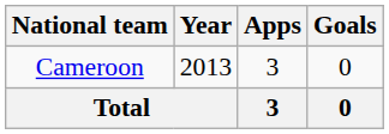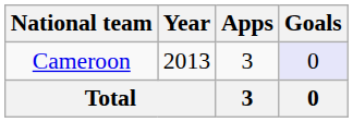 <table class="wikitable" style="text-align:center">
 <tr>
 <th>National team</th>
 <th>Year</th>
 <th>Apps</th>
 <th>Goals</th>
 </tr>
 <tr>
 <td rowspan="1"><a href='#'>Cameroon</a></td>
 <td>2013</td>
 <td>3</td>
-<td>0</td>
+<td style="background: lavender;">0</td>
 </tr>
 <tr>
 <th colspan="2">Total</th>
 <th>3</th>
 <th>0</th>
 </tr>
 </table>
